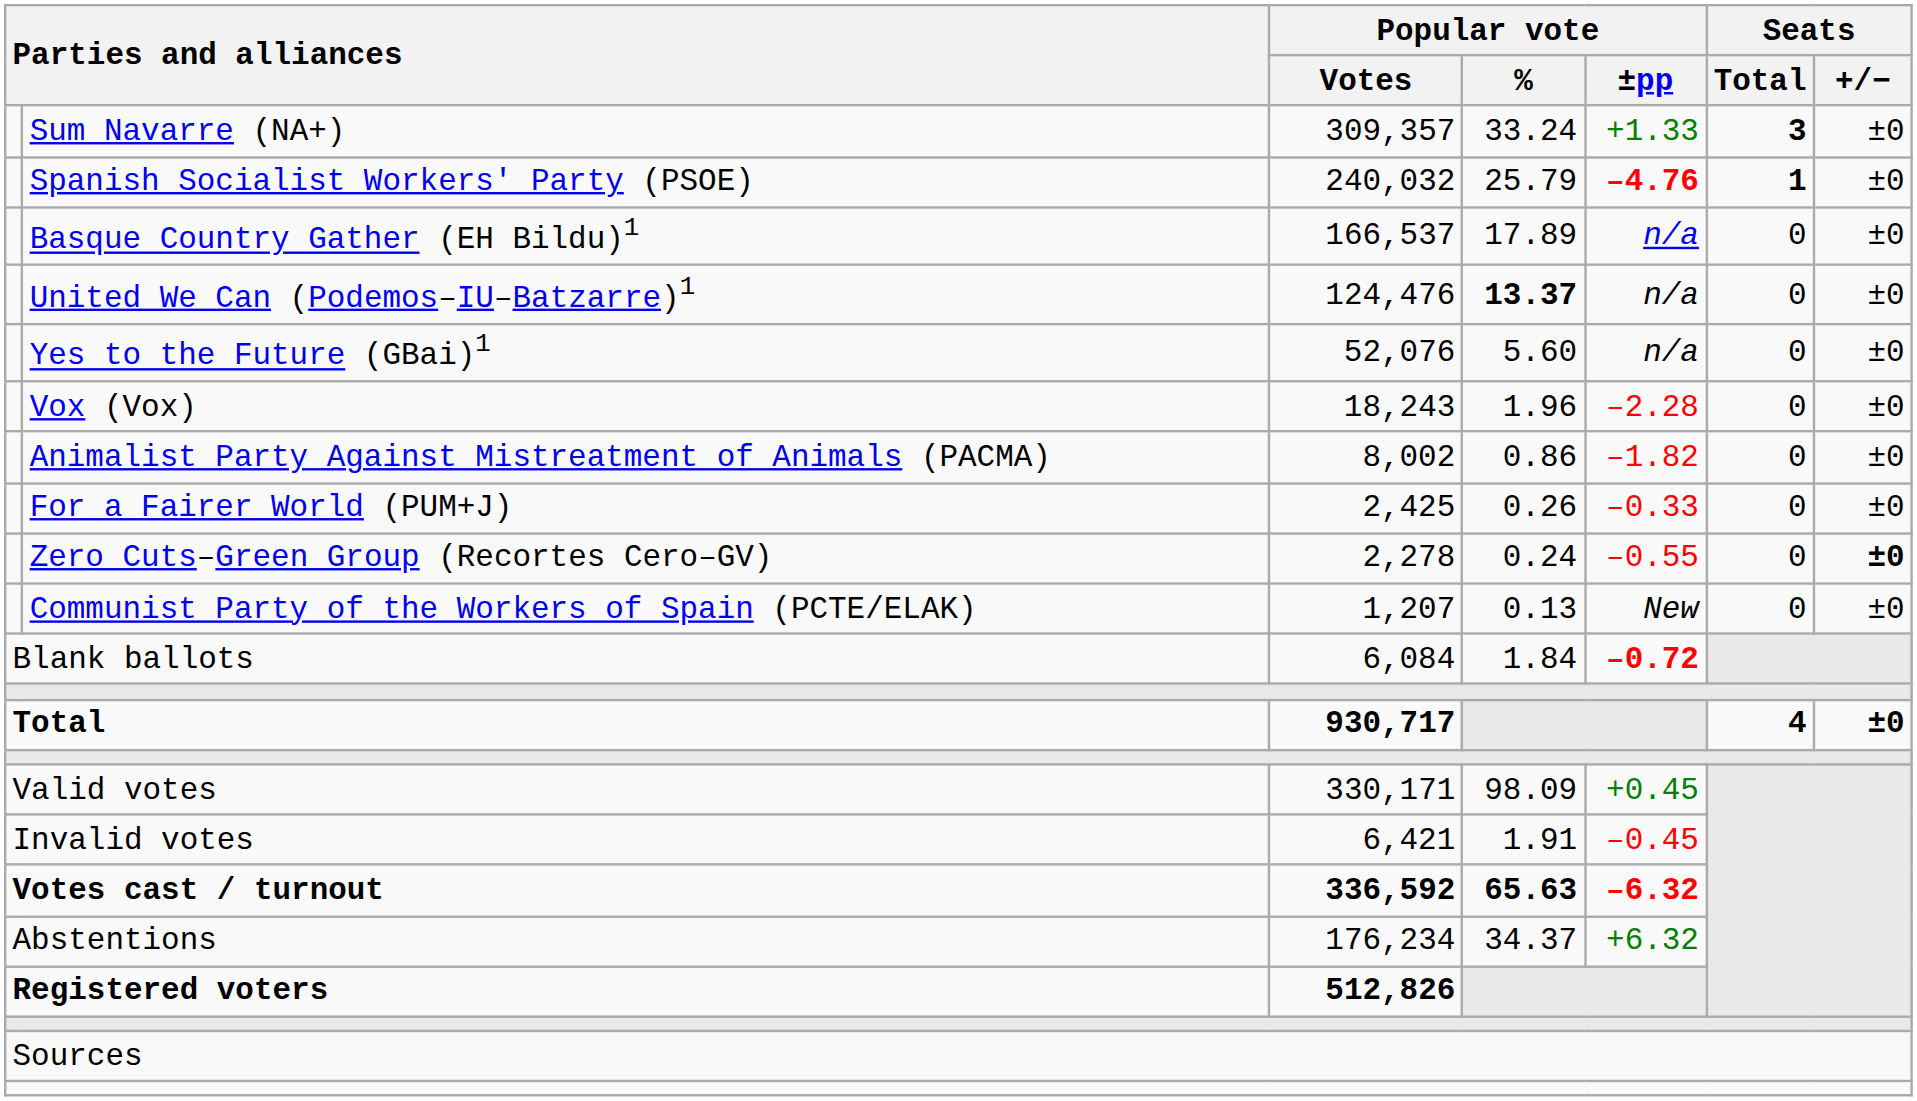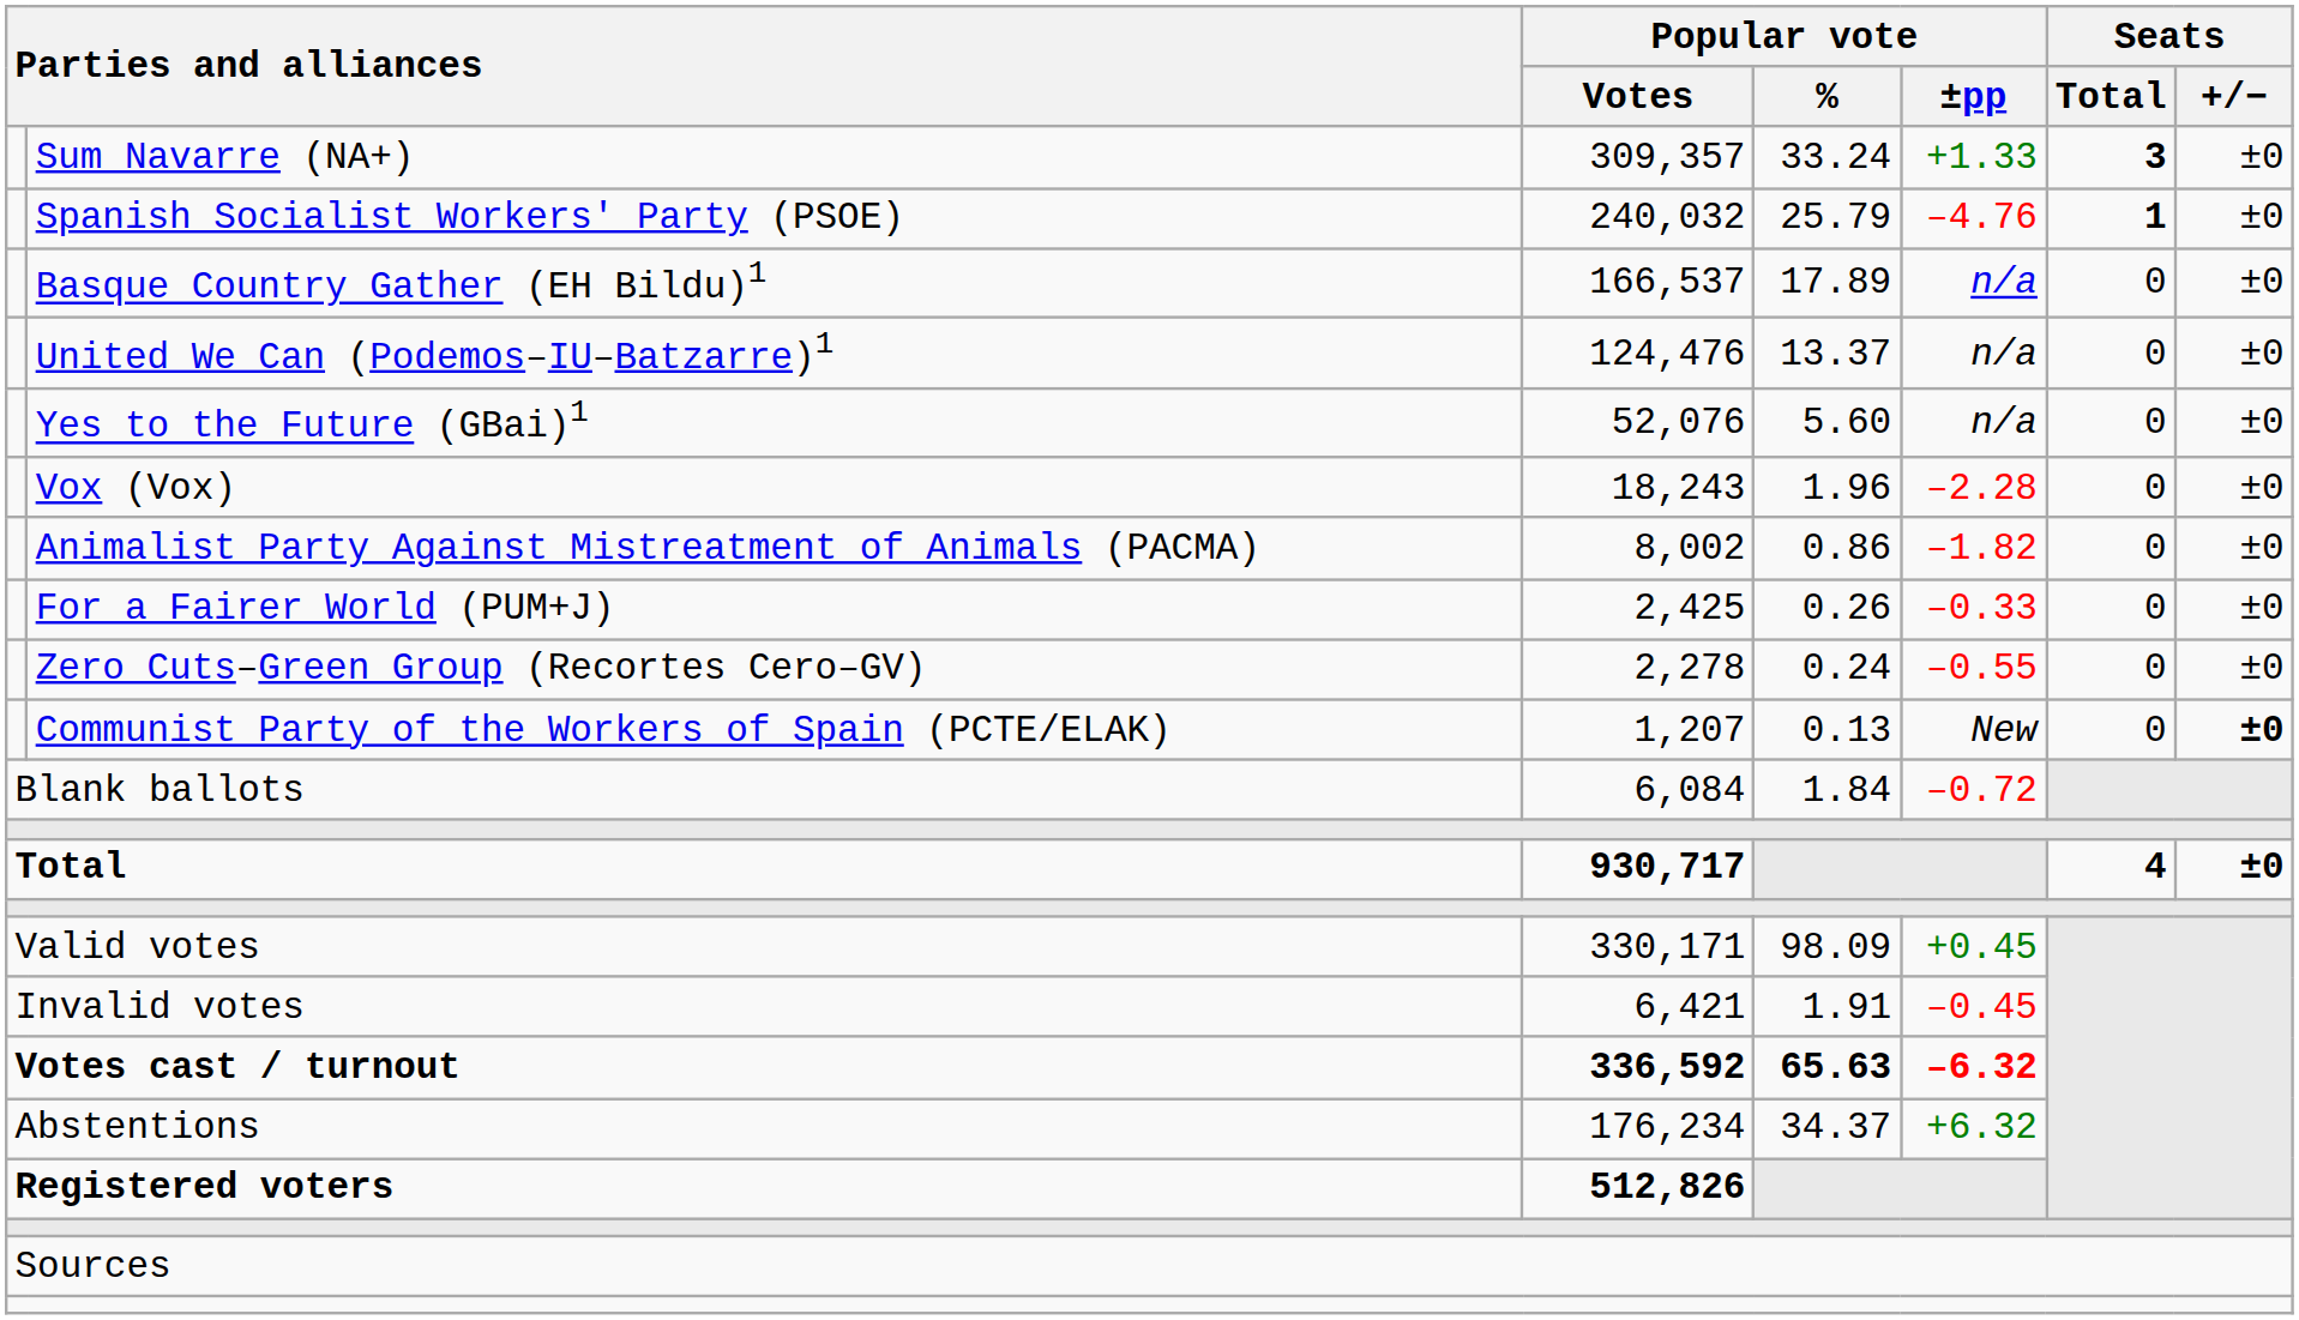 <table class="wikitable" style="text-align:right;">
 <tr>
 <th style="text-align:left;" rowspan="2" colspan="2" width="525">Parties and alliances</th>
 <th colspan="3">Popular vote</th>
 <th colspan="2">Seats</th>
 </tr>
 <tr>
 <th width="75">Votes</th>
 <th width="45">%</th>
 <th width="45">±<a href='#'>pp</a></th>
 <th width="35">Total</th>
 <th width="35">+/−</th>
 </tr>
 <tr>
 <td width="1" style="color:inherit;background:"></td>
 <td align="left"><a href='#'>Sum Navarre</a> (NA+)</td>
 <td>309,357</td>
 <td>33.24</td>
 <td style="color:green;">+1.33</td>
 <td><strong>3</strong></td>
 <td>±0</td>
 </tr>
 <tr>
 <td style="color:inherit;background:"></td>
 <td align="left"><a href='#'>Spanish Socialist Workers' Party</a> (PSOE)</td>
 <td>240,032</td>
 <td>25.79</td>
-<td style="color:red;"><strong>–4.76</strong></td>
+<td style="color:red;">–4.76</td>
 <td><strong>1</strong></td>
 <td>±0</td>
 </tr>
 <tr>
 <td style="color:inherit;background:"></td>
 <td align="left"><a href='#'>Basque Country Gather</a> (EH Bildu)<sup>1</sup></td>
 <td>166,537</td>
 <td>17.89</td>
 <td><em><a href='#'>n/a</a></em></td>
 <td>0</td>
 <td>±0</td>
 </tr>
 <tr>
 <td style="color:inherit;background:"></td>
 <td align="left"><a href='#'>United We Can</a> (<a href='#'>Podemos</a>–<a href='#'>IU</a>–<a href='#'>Batzarre</a>)<sup>1</sup></td>
 <td>124,476</td>
-<td><strong>13.37</strong></td>
+<td>13.37</td>
 <td><em>n/a</em></td>
 <td>0</td>
 <td>±0</td>
 </tr>
 <tr>
 <td style="color:inherit;background:"></td>
 <td align="left"><a href='#'>Yes to the Future</a> (GBai)<sup>1</sup></td>
 <td>52,076</td>
 <td>5.60</td>
 <td><em>n/a</em></td>
 <td>0</td>
 <td>±0</td>
 </tr>
 <tr>
 <td style="color:inherit;background:"></td>
 <td align="left"><a href='#'>Vox</a> (Vox)</td>
 <td>18,243</td>
 <td>1.96</td>
 <td style="color:red;">–2.28</td>
 <td>0</td>
 <td>±0</td>
 </tr>
 <tr>
 <td style="color:inherit;background:"></td>
 <td align="left"><a href='#'>Animalist Party Against Mistreatment of Animals</a> (PACMA)</td>
 <td>8,002</td>
 <td>0.86</td>
 <td style="color:red;">–1.82</td>
 <td>0</td>
 <td>±0</td>
 </tr>
 <tr>
 <td style="color:inherit;background:"></td>
 <td align="left"><a href='#'>For a Fairer World</a> (PUM+J)</td>
 <td>2,425</td>
 <td>0.26</td>
 <td style="color:red;">–0.33</td>
 <td>0</td>
 <td>±0</td>
 </tr>
 <tr>
 <td style="color:inherit;background:"></td>
 <td align="left"><a href='#'>Zero Cuts</a>–<a href='#'>Green Group</a> (Recortes Cero–GV)</td>
 <td>2,278</td>
 <td>0.24</td>
 <td style="color:red;">–0.55</td>
 <td>0</td>
-<td><strong>±0</strong></td>
+<td>±0</td>
 </tr>
 <tr>
 <td style="color:inherit;background:"></td>
 <td align="left"><a href='#'>Communist Party of the Workers of Spain</a> (PCTE/ELAK)</td>
 <td>1,207</td>
 <td>0.13</td>
 <td><em>New</em></td>
 <td>0</td>
-<td>±0</td>
+<td><strong>±0</strong></td>
 </tr>
 <tr>
 <td align="left" colspan="2">Blank ballots</td>
 <td>6,084</td>
 <td>1.84</td>
-<td style="color:red;"><strong>–0.72</strong></td>
+<td style="color:red;">–0.72</td>
 <td bgcolor="#E9E9E9" colspan="2"></td>
 </tr>
 <tr>
 <td colspan="7" bgcolor="#E9E9E9"></td>
 </tr>
 <tr style="font-weight:bold;">
 <td align="left" colspan="2">Total</td>
 <td>930,717</td>
 <td bgcolor="#E9E9E9" colspan="2"></td>
 <td>4</td>
 <td>±0</td>
 </tr>
 <tr>
 <td colspan="7" bgcolor="#E9E9E9"></td>
 </tr>
 <tr>
 <td align="left" colspan="2">Valid votes</td>
 <td>330,171</td>
 <td>98.09</td>
 <td style="color:green;">+0.45</td>
 <td bgcolor="#E9E9E9" colspan="2" rowspan="5"></td>
 </tr>
 <tr>
 <td align="left" colspan="2">Invalid votes</td>
 <td>6,421</td>
 <td>1.91</td>
 <td style="color:red;">–0.45</td>
 </tr>
 <tr style="font-weight:bold;">
 <td align="left" colspan="2">Votes cast / turnout</td>
 <td>336,592</td>
 <td>65.63</td>
 <td style="color:red;">–6.32</td>
 </tr>
 <tr>
 <td align="left" colspan="2">Abstentions</td>
 <td>176,234</td>
 <td>34.37</td>
 <td style="color:green;">+6.32</td>
 </tr>
 <tr style="font-weight:bold;">
 <td align="left" colspan="2">Registered voters</td>
 <td>512,826</td>
 <td bgcolor="#E9E9E9" colspan="2"></td>
 </tr>
 <tr>
 <td colspan="7" bgcolor="#E9E9E9"></td>
 </tr>
 <tr>
 <td align="left" colspan="7">Sources</td>
 </tr>
 <tr>
 <td colspan="7" style="text-align:left; max-width:790px;"></td>
 </tr>
 </table>
